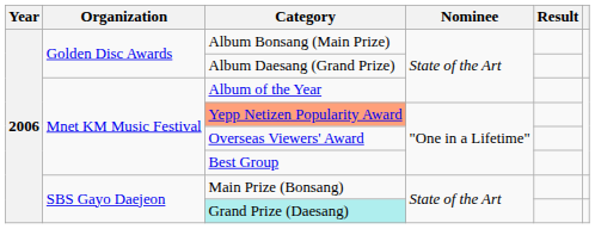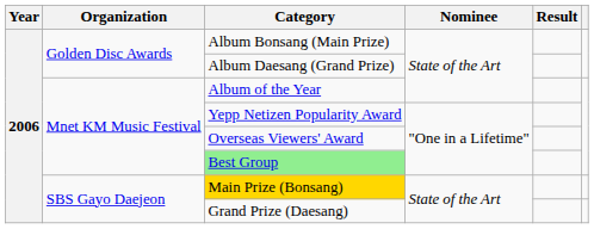 <table class="wikitable sortable plainrowheaders">
 <tr>
 <th>Year</th>
 <th>Organization</th>
 <th>Category</th>
 <th>Nominee</th>
 <th>Result</th>
 <th scope="col" class="unsortable"></th>
 </tr>
 <tr>
 <th rowspan="8" scope="row">2006</th>
 <td rowspan="2"><a href='#'>Golden Disc Awards</a></td>
 <td>Album Bonsang (Main Prize)</td>
 <td rowspan="3"><em>State of the Art</em></td>
 <td></td>
 <td rowspan="2" style="text-align:center;"></td>
 </tr>
 <tr>
 <td>Album Daesang (Grand Prize)</td>
 <td></td>
 </tr>
 <tr>
 <td rowspan="4"><a href='#'>Mnet KM Music Festival</a></td>
 <td><a href='#'>Album of the Year</a></td>
 <td></td>
 <td rowspan="4" style="text-align:center;"></td>
 </tr>
 <tr>
-<td style="background: lightsalmon;"><a href='#'>Yepp Netizen Popularity Award</a></td>
+<td><a href='#'>Yepp Netizen Popularity Award</a></td>
 <td rowspan="3">"One in a Lifetime"</td>
 <td></td>
 </tr>
 <tr>
 <td><a href='#'>Overseas Viewers' Award</a></td>
 <td></td>
 </tr>
 <tr>
-<td><a href='#'>Best Group</a></td>
+<td style="background: lightgreen;"><a href='#'>Best Group</a></td>
 <td></td>
 </tr>
 <tr>
 <td rowspan="2"><a href='#'>SBS Gayo Daejeon</a></td>
-<td>Main Prize (Bonsang)</td>
+<td style="background: gold;">Main Prize (Bonsang)</td>
 <td rowspan="2"><em>State of the Art</em></td>
 <td></td>
 <td></td>
 </tr>
 <tr>
-<td style="background: paleturquoise;">Grand Prize (Daesang)</td>
+<td>Grand Prize (Daesang)</td>
 <td></td>
 <td></td>
 </tr>
 </table>
